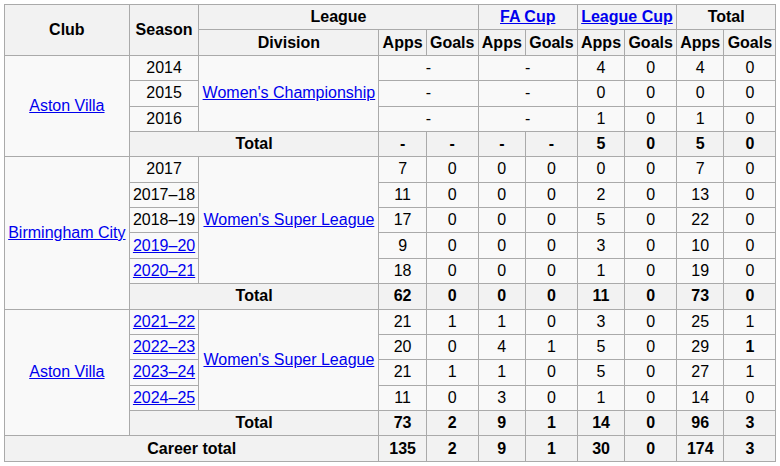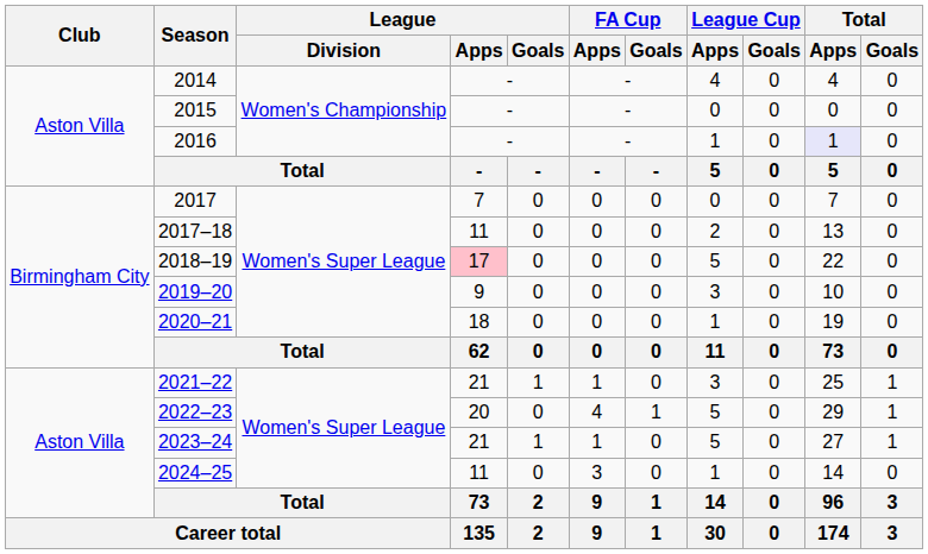 <table class="wikitable" style="text-align: center">
 <tr>
 <th rowspan="2">Club</th>
 <th rowspan="2">Season</th>
 <th colspan="3">League</th>
 <th colspan="2"><a href='#'>FA Cup</a></th>
 <th colspan="2"><a href='#'>League Cup</a></th>
 <th colspan="2">Total</th>
 </tr>
 <tr>
 <th>Division</th>
 <th>Apps</th>
 <th>Goals</th>
 <th>Apps</th>
 <th>Goals</th>
 <th>Apps</th>
 <th>Goals</th>
 <th>Apps</th>
 <th>Goals</th>
 </tr>
 <tr>
 <td rowspan="4"><a href='#'>Aston Villa</a></td>
 <td>2014</td>
 <td rowspan="3"><a href='#'>Women's Championship</a></td>
 <td colspan="2">-</td>
 <td colspan="2">-</td>
 <td>4</td>
 <td>0</td>
 <td>4</td>
 <td>0</td>
 </tr>
 <tr>
 <td>2015</td>
 <td colspan="2">-</td>
 <td colspan="2">-</td>
 <td>0</td>
 <td>0</td>
 <td>0</td>
 <td>0</td>
 </tr>
 <tr>
 <td>2016</td>
 <td colspan="2">-</td>
 <td colspan="2">-</td>
 <td>1</td>
 <td>0</td>
-<td>1</td>
+<td style="background: lavender;">1</td>
 <td>0</td>
 </tr>
 <tr>
 <th colspan="2">Total</th>
 <th>-</th>
 <th>-</th>
 <th>-</th>
 <th>-</th>
 <th>5</th>
 <th>0</th>
 <th>5</th>
 <th>0</th>
 </tr>
 <tr>
 <td rowspan="6"><a href='#'>Birmingham City</a></td>
 <td>2017</td>
 <td rowspan="5"><a href='#'>Women's Super League</a></td>
 <td>7</td>
 <td>0</td>
 <td>0</td>
 <td>0</td>
 <td>0</td>
 <td>0</td>
 <td>7</td>
 <td>0</td>
 </tr>
 <tr>
 <td>2017–18</td>
 <td>11</td>
 <td>0</td>
 <td>0</td>
 <td>0</td>
 <td>2</td>
 <td>0</td>
 <td>13</td>
 <td>0</td>
 </tr>
 <tr>
 <td>2018–19</td>
-<td>17</td>
+<td style="background: pink;">17</td>
 <td>0</td>
 <td>0</td>
 <td>0</td>
 <td>5</td>
 <td>0</td>
 <td>22</td>
 <td>0</td>
 </tr>
 <tr>
 <td><a href='#'>2019–20</a></td>
 <td>9</td>
 <td>0</td>
 <td>0</td>
 <td>0</td>
 <td>3</td>
 <td>0</td>
 <td>10</td>
 <td>0</td>
 </tr>
 <tr>
 <td><a href='#'>2020–21</a></td>
 <td>18</td>
 <td>0</td>
 <td>0</td>
 <td>0</td>
 <td>1</td>
 <td>0</td>
 <td>19</td>
 <td>0</td>
 </tr>
 <tr>
 <th colspan="2">Total</th>
 <th>62</th>
 <th>0</th>
 <th>0</th>
 <th>0</th>
 <th>11</th>
 <th>0</th>
 <th>73</th>
 <th>0</th>
 </tr>
 <tr>
 <td rowspan="5"><a href='#'>Aston Villa</a></td>
 <td><a href='#'>2021–22</a></td>
 <td rowspan="4"><a href='#'>Women's Super League</a></td>
 <td>21</td>
 <td>1</td>
 <td>1</td>
 <td>0</td>
 <td>3</td>
 <td>0</td>
 <td>25</td>
 <td>1</td>
 </tr>
 <tr>
 <td><a href='#'>2022–23</a></td>
 <td>20</td>
 <td>0</td>
 <td>4</td>
 <td>1</td>
 <td>5</td>
 <td>0</td>
 <td>29</td>
-<td><strong>1</strong></td>
+<td>1</td>
 </tr>
 <tr>
 <td><a href='#'>2023–24</a></td>
 <td>21</td>
 <td>1</td>
 <td>1</td>
 <td>0</td>
 <td>5</td>
 <td>0</td>
 <td>27</td>
 <td>1</td>
 </tr>
 <tr>
 <td><a href='#'>2024–25</a></td>
 <td>11</td>
 <td>0</td>
 <td>3</td>
 <td>0</td>
 <td>1</td>
 <td>0</td>
 <td>14</td>
 <td>0</td>
 </tr>
 <tr>
 <th colspan="2">Total</th>
 <th>73</th>
 <th>2</th>
 <th>9</th>
 <th>1</th>
 <th>14</th>
 <th>0</th>
 <th>96</th>
 <th>3</th>
 </tr>
 <tr>
 <th colspan="3">Career total</th>
 <th>135</th>
 <th>2</th>
 <th>9</th>
 <th>1</th>
 <th>30</th>
 <th>0</th>
 <th>174</th>
 <th>3</th>
 </tr>
 </table>
